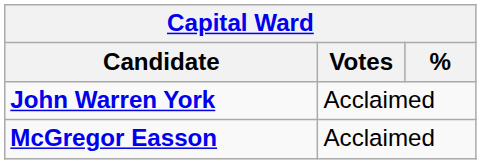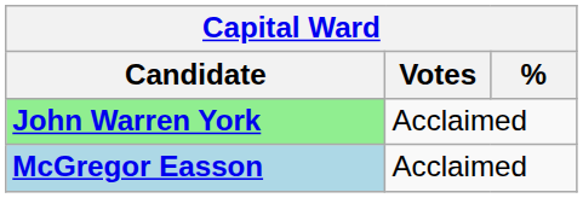 <table class="wikitable">
 <tr>
 <th colspan="3"><a href='#'>Capital Ward</a></th>
 </tr>
 <tr>
 <th style="width: 200px">Candidate</th>
 <th style="width: 50px">Votes</th>
 <th style="width: 40px">%</th>
 </tr>
 <tr>
-<td><strong><a href='#'>John Warren York</a></strong></td>
+<td style="background: lightgreen;"><strong><a href='#'>John Warren York</a></strong></td>
 <td colspan="2">Acclaimed</td>
 </tr>
 <tr>
-<td><strong><a href='#'>McGregor Easson</a></strong></td>
+<td style="background: lightblue;"><strong><a href='#'>McGregor Easson</a></strong></td>
 <td colspan="2">Acclaimed</td>
 </tr>
 </table>
